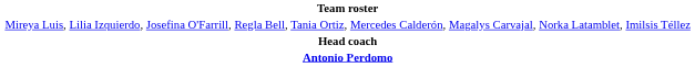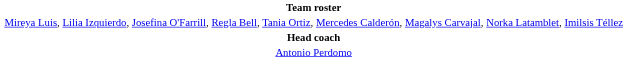 <table style="text-align:center; margin-top:2em; margin-left:auto; margin-right:auto">
 <tr>
 <td><strong>Team roster</strong></td>
 </tr>
 <tr>
 <td><a href='#'>Mireya Luis</a>, <a href='#'>Lilia Izquierdo</a>, <a href='#'>Josefina O'Farrill</a>, <a href='#'>Regla Bell</a>, <a href='#'>Tania Ortiz</a>, <a href='#'>Mercedes Calderón</a>, <a href='#'>Magalys Carvajal</a>, <a href='#'>Norka Latamblet</a>, <a href='#'>Imilsis Téllez</a></td>
 </tr>
 <tr>
 <td><strong>Head coach</strong></td>
 </tr>
 <tr>
-<td><strong><a href='#'>Antonio Perdomo</a></strong></td>
+<td><a href='#'>Antonio Perdomo</a></td>
 </tr>
 <tr>
 </tr>
 </table>
